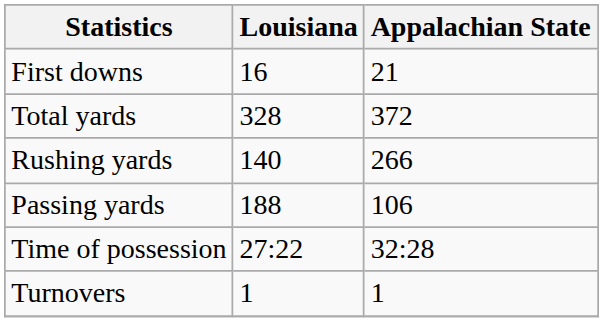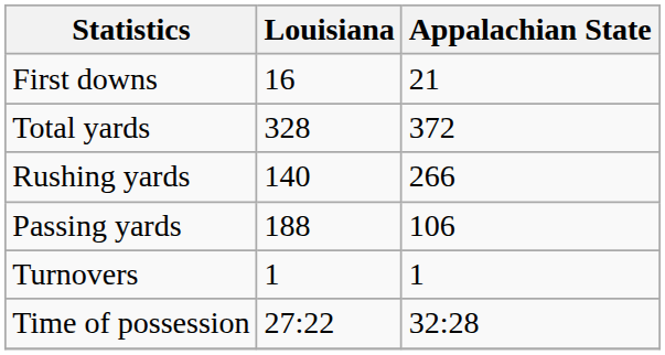 <table class="wikitable">
 <tr>
 <th>Statistics</th>
 <th>Louisiana</th>
 <th>Appalachian State</th>
 </tr>
 <tr>
 <td>First downs</td>
 <td>16</td>
 <td>21</td>
 </tr>
 <tr>
 <td>Total yards</td>
 <td>328</td>
 <td>372</td>
 </tr>
 <tr>
 <td>Rushing yards</td>
 <td>140</td>
 <td>266</td>
 </tr>
 <tr>
 <td>Passing yards</td>
 <td>188</td>
 <td>106</td>
 </tr>
 <tr>
+<td>Turnovers</td>
+<td>1</td>
+<td>1</td>
+</tr>
+<tr>
 <td>Time of possession</td>
 <td>27:22</td>
 <td>32:28</td>
 </tr>
 <tr>
-<td>Turnovers</td>
-<td>1</td>
-<td>1</td>
-</tr>
-<tr>
 </tr>
 </table>
